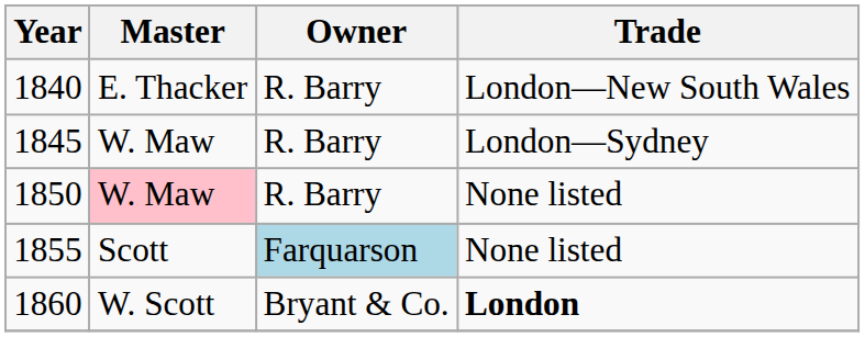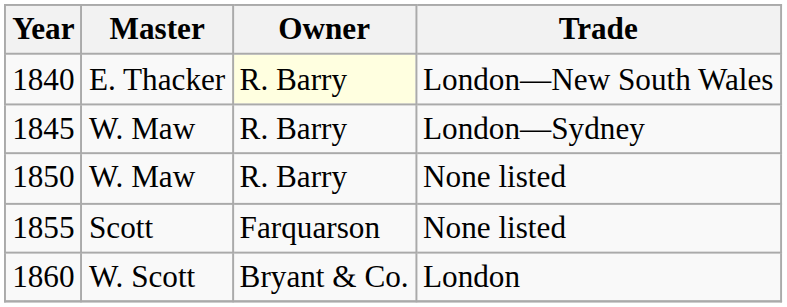 <table class="sortable wikitable">
 <tr>
 <th>Year</th>
 <th>Master</th>
 <th>Owner</th>
 <th>Trade</th>
 </tr>
 <tr>
 <td>1840</td>
 <td>E. Thacker</td>
-<td>R. Barry</td>
+<td style="background: lightyellow;">R. Barry</td>
 <td>London—New South Wales</td>
 </tr>
 <tr>
 <td>1845</td>
 <td>W. Maw</td>
 <td>R. Barry</td>
 <td>London—Sydney</td>
 </tr>
 <tr>
 <td>1850</td>
-<td style="background: pink;">W. Maw</td>
+<td>W. Maw</td>
 <td>R. Barry</td>
 <td>None listed</td>
 </tr>
 <tr>
 <td>1855</td>
 <td>Scott</td>
-<td style="background: lightblue;">Farquarson</td>
+<td>Farquarson</td>
 <td>None listed</td>
 </tr>
 <tr>
 <td>1860</td>
 <td>W. Scott</td>
 <td>Bryant & Co.</td>
-<td><strong>London</strong></td>
+<td>London</td>
 </tr>
 <tr>
 </tr>
 </table>
